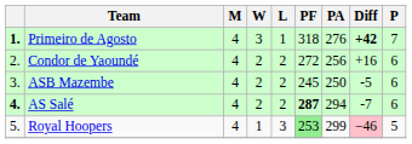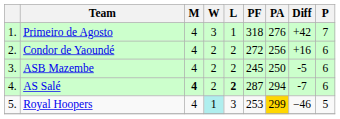 <table class="wikitable" style="text-align:center" style="font-size:90%;">
 <tr>
 <th width=15></th>
 <th width=220>Team</th>
 <th width=20>M</th>
 <th width=20>W</th>
 <th width=20>L</th>
 <th width=20>PF</th>
 <th width=20>PA</th>
 <th width=30>Diff</th>
 <th width=20>P</th>
 </tr>
 <tr style="background: #ccffcc;">
-<td><strong>1.</strong></td>
+<td>1.</td>
 <td align=left> <a href='#'>Primeiro de Agosto</a></td>
 <td align=center>4</td>
 <td align=center>3</td>
 <td align=center>1</td>
 <td>318</td>
 <td>276</td>
-<td align=center><strong>+42</strong></td>
+<td align=center>+42</td>
 <td align=center>7</td>
 </tr>
 <tr style="background: #ccffcc;">
 <td>2.</td>
 <td align=left> <a href='#'>Condor de Yaoundé</a></td>
 <td align=center>4</td>
 <td align=center>2</td>
 <td align=center>2</td>
 <td>272</td>
 <td>256</td>
 <td align=center>+16</td>
 <td align=center>6</td>
 </tr>
 <tr style="background: #ccffcc;">
 <td>3.</td>
 <td align=left> <a href='#'>ASB Mazembe</a></td>
 <td align=center>4</td>
 <td align=center>2</td>
 <td align=center>2</td>
 <td>245</td>
 <td>250</td>
 <td align=center>-5</td>
 <td align=center>6</td>
 </tr>
 <tr style="background: #ccffcc;">
-<td><strong>4.</strong></td>
+<td>4.</td>
 <td align=left> <a href='#'>AS Salé</a></td>
-<td align=center>4</td>
+<td align=center><strong>4</strong></td>
 <td align=center>2</td>
-<td align=center>2</td>
-<td><strong>287</strong></td>
+<td align=center><strong>2</strong></td>
+<td>287</td>
 <td>294</td>
 <td align=center>-7</td>
 <td align=center>6</td>
 </tr>
 <tr>
 <td>5.</td>
 <td align=left> <a href='#'>Royal Hoopers</a></td>
 <td align=center>4</td>
-<td align=center>1</td>
+<td align=center style="background: paleturquoise;">1</td>
 <td align=center>3</td>
-<td style="background: lightgreen;">253</td>
-<td>299</td>
-<td align=center style="background: pink;">−46</td>
+<td>253</td>
+<td style="background: gold;">299</td>
+<td align=center>−46</td>
 <td align=center>5</td>
 </tr>
 <tr>
 </tr>
 </table>
